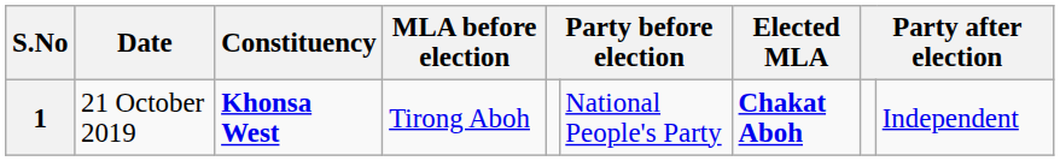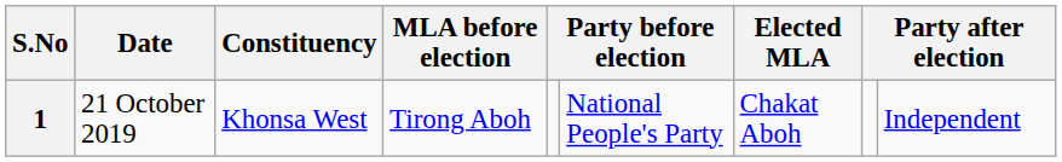 <table class="wikitable sortable">
 <tr>
 <th>S.No</th>
 <th>Date</th>
 <th>Constituency</th>
 <th>MLA before election</th>
 <th colspan="2">Party before election</th>
 <th>Elected MLA</th>
 <th colspan="2">Party after election</th>
 </tr>
 <tr>
 <th>1</th>
 <td>21 October 2019</td>
-<td><strong><a href='#'>Khonsa West</a></strong></td>
+<td><a href='#'>Khonsa West</a></td>
 <td><a href='#'>Tirong Aboh</a></td>
 <td></td>
 <td><a href='#'>National People's Party</a></td>
-<td><strong><a href='#'>Chakat Aboh</a></strong></td>
+<td><a href='#'>Chakat Aboh</a></td>
 <td></td>
 <td><a href='#'>Independent</a></td>
 </tr>
 </table>
